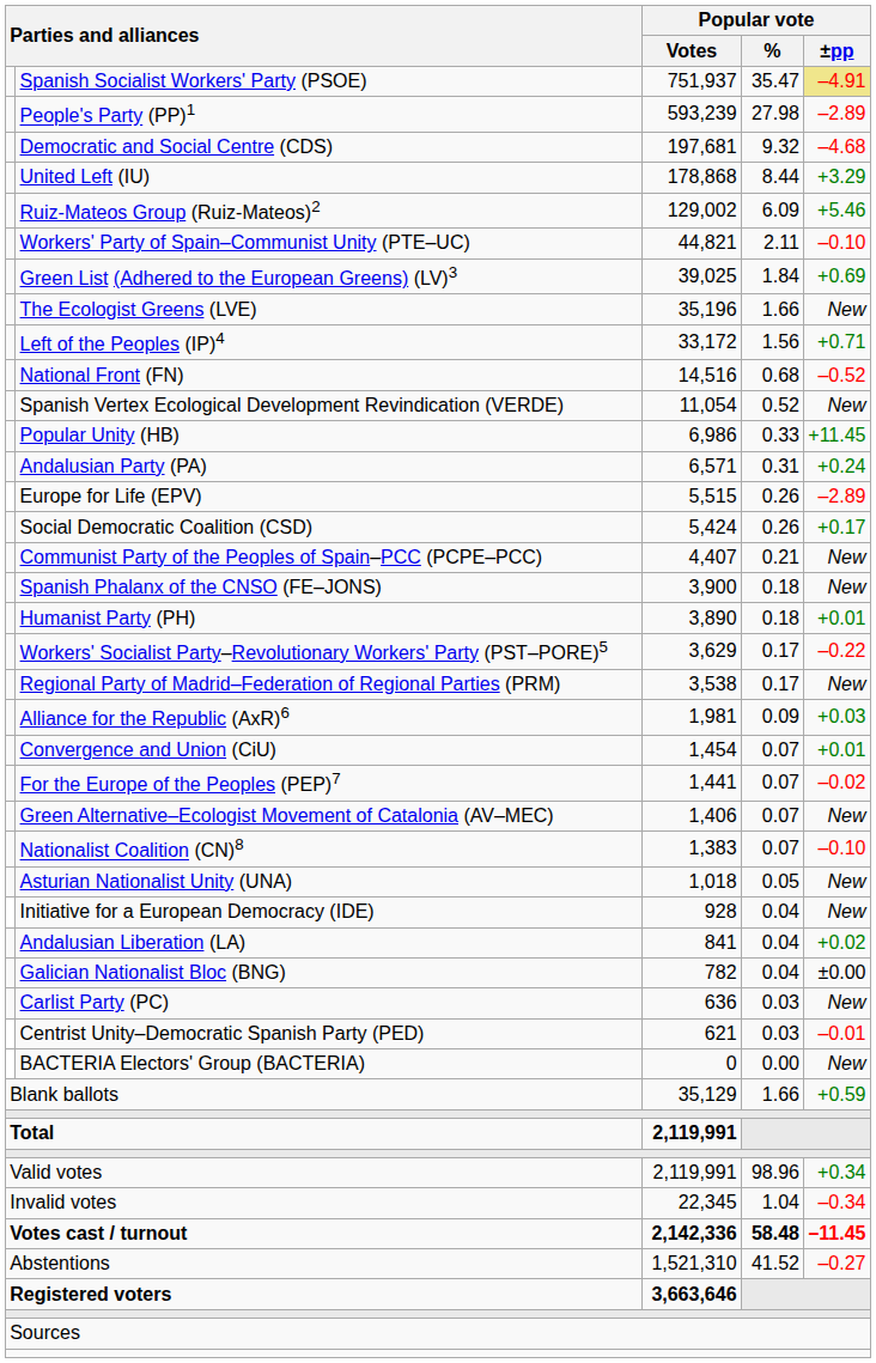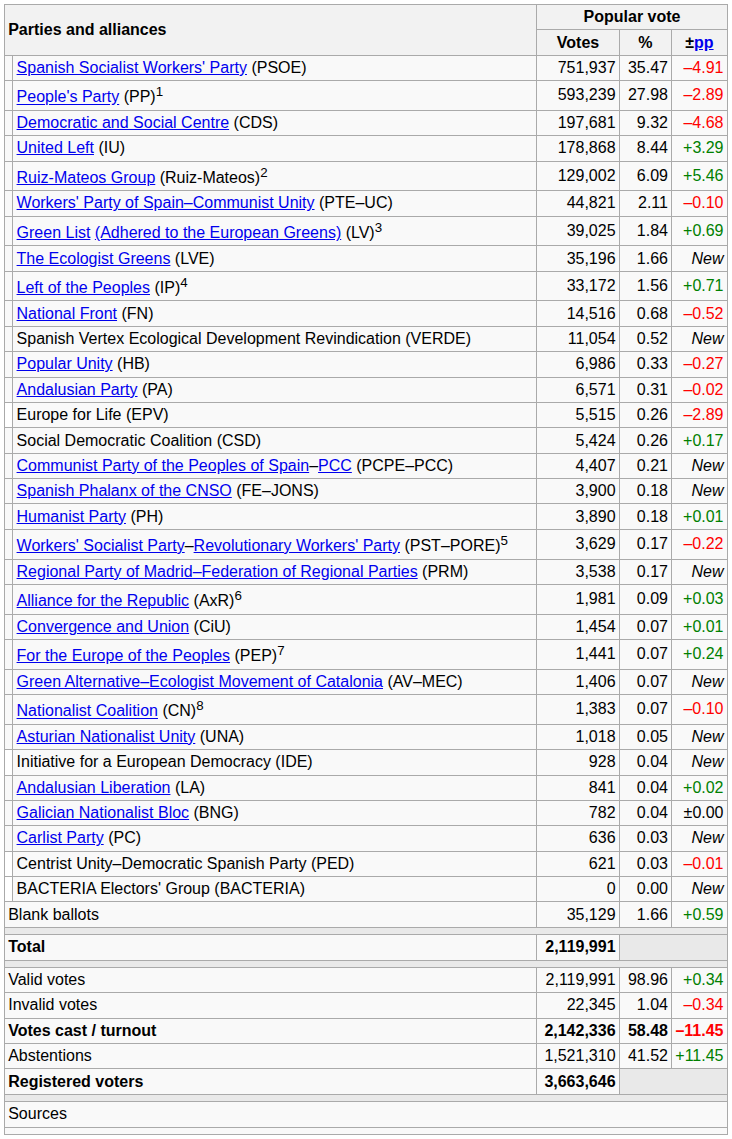 <table class="wikitable" style="text-align:right">
 <tr>
 <th style="text-align:left;" rowspan="2" colspan="2" width="525">Parties and alliances</th>
 <th colspan="3">Popular vote</th>
 </tr>
 <tr>
 <th width="75">Votes</th>
 <th width="45">%</th>
 <th width="45">±<a href='#'>pp</a></th>
 </tr>
 <tr>
 <td width="1" style="color:inherit;background:"></td>
 <td align="left"><a href='#'>Spanish Socialist Workers' Party</a> (PSOE)</td>
 <td>751,937</td>
 <td>35.47</td>
-<td style="background: khaki; color:red;">–4.91</td>
+<td style="color:red;">–4.91</td>
 </tr>
 <tr>
 <td style="color:inherit;background:"></td>
 <td align="left"><a href='#'>People's Party</a> (PP)<sup>1</sup></td>
 <td>593,239</td>
 <td>27.98</td>
 <td style="color:red;">–2.89</td>
 </tr>
 <tr>
 <td style="color:inherit;background:"></td>
 <td align="left"><a href='#'>Democratic and Social Centre</a> (CDS)</td>
 <td>197,681</td>
 <td>9.32</td>
 <td style="color:red;">–4.68</td>
 </tr>
 <tr>
 <td style="color:inherit;background:"></td>
 <td align="left"><a href='#'>United Left</a> (IU)</td>
 <td>178,868</td>
 <td>8.44</td>
 <td style="color:green;">+3.29</td>
 </tr>
 <tr>
 <td style="color:inherit;background:"></td>
 <td align="left"><a href='#'>Ruiz-Mateos Group</a> (Ruiz-Mateos)<sup>2</sup></td>
 <td>129,002</td>
 <td>6.09</td>
 <td style="color:green;">+5.46</td>
 </tr>
 <tr>
 <td style="color:inherit;background:"></td>
 <td align="left"><a href='#'>Workers' Party of Spain–Communist Unity</a> (PTE–UC)</td>
 <td>44,821</td>
 <td>2.11</td>
 <td style="color:red;">–0.10</td>
 </tr>
 <tr>
 <td style="color:inherit;background:"></td>
 <td align="left"><a href='#'>Green List</a> <a href='#'>(Adhered to the European Greens)</a> (LV)<sup>3</sup></td>
 <td>39,025</td>
 <td>1.84</td>
 <td style="color:green;">+0.69</td>
 </tr>
 <tr>
 <td style="color:inherit;background:"></td>
 <td align="left"><a href='#'>The Ecologist Greens</a> (LVE)</td>
 <td>35,196</td>
 <td>1.66</td>
 <td><em>New</em></td>
 </tr>
 <tr>
 <td style="color:inherit;background:"></td>
 <td align="left"><a href='#'>Left of the Peoples</a> (IP)<sup>4</sup></td>
 <td>33,172</td>
 <td>1.56</td>
 <td style="color:green;">+0.71</td>
 </tr>
 <tr>
 <td style="color:inherit;background:"></td>
 <td align="left"><a href='#'>National Front</a> (FN)</td>
 <td>14,516</td>
 <td>0.68</td>
 <td style="color:red;">–0.52</td>
 </tr>
 <tr>
 <td style="color:inherit;background:"></td>
 <td align="left">Spanish Vertex Ecological Development Revindication (VERDE)</td>
 <td>11,054</td>
 <td>0.52</td>
 <td><em>New</em></td>
 </tr>
 <tr>
 <td style="color:inherit;background:"></td>
 <td align="left"><a href='#'>Popular Unity</a> (HB)</td>
 <td>6,986</td>
 <td>0.33</td>
-<td style="color:green;">+11.45</td>
+<td style="color:red;">–0.27</td>
 </tr>
 <tr>
 <td style="color:inherit;background:"></td>
 <td align="left"><a href='#'>Andalusian Party</a> (PA)</td>
 <td>6,571</td>
 <td>0.31</td>
-<td style="color:green;">+0.24</td>
+<td style="color:red;">–0.02</td>
 </tr>
 <tr>
 <td bgcolor="white"></td>
 <td align="left">Europe for Life (EPV)</td>
 <td>5,515</td>
 <td>0.26</td>
 <td style="color:red;">–2.89</td>
 </tr>
 <tr>
 <td style="color:inherit;background:"></td>
 <td align="left">Social Democratic Coalition (CSD)</td>
 <td>5,424</td>
 <td>0.26</td>
 <td style="color:green;">+0.17</td>
 </tr>
 <tr>
 <td style="color:inherit;background:"></td>
 <td align="left"><a href='#'>Communist Party of the Peoples of Spain</a>–<a href='#'>PCC</a> (PCPE–PCC)</td>
 <td>4,407</td>
 <td>0.21</td>
 <td><em>New</em></td>
 </tr>
 <tr>
 <td style="color:inherit;background:"></td>
 <td align="left"><a href='#'>Spanish Phalanx of the CNSO</a> (FE–JONS)</td>
 <td>3,900</td>
 <td>0.18</td>
 <td><em>New</em></td>
 </tr>
 <tr>
 <td style="color:inherit;background:"></td>
 <td align="left"><a href='#'>Humanist Party</a> (PH)</td>
 <td>3,890</td>
 <td>0.18</td>
 <td style="color:green;">+0.01</td>
 </tr>
 <tr>
 <td style="color:inherit;background:"></td>
 <td align="left"><a href='#'>Workers' Socialist Party</a>–<a href='#'>Revolutionary Workers' Party</a> (PST–PORE)<sup>5</sup></td>
 <td>3,629</td>
 <td>0.17</td>
 <td style="color:red;">–0.22</td>
 </tr>
 <tr>
 <td style="color:inherit;background:"></td>
 <td align="left"><a href='#'>Regional Party of Madrid–Federation of Regional Parties</a> (PRM)</td>
 <td>3,538</td>
 <td>0.17</td>
 <td><em>New</em></td>
 </tr>
 <tr>
 <td style="color:inherit;background:"></td>
 <td align="left"><a href='#'>Alliance for the Republic</a> (AxR)<sup>6</sup></td>
 <td>1,981</td>
 <td>0.09</td>
 <td style="color:green;">+0.03</td>
 </tr>
 <tr>
 <td style="color:inherit;background:"></td>
 <td align="left"><a href='#'>Convergence and Union</a> (CiU)</td>
 <td>1,454</td>
 <td>0.07</td>
 <td style="color:green;">+0.01</td>
 </tr>
 <tr>
 <td style="color:inherit;background:"></td>
 <td align="left"><a href='#'>For the Europe of the Peoples</a> (PEP)<sup>7</sup></td>
 <td>1,441</td>
 <td>0.07</td>
-<td style="color:red;">–0.02</td>
+<td style="color:green;">+0.24</td>
 </tr>
 <tr>
 <td style="color:inherit;background:"></td>
 <td align="left"><a href='#'>Green Alternative–Ecologist Movement of Catalonia</a> (AV–MEC)</td>
 <td>1,406</td>
 <td>0.07</td>
 <td><em>New</em></td>
 </tr>
 <tr>
 <td style="color:inherit;background:"></td>
 <td align="left"><a href='#'>Nationalist Coalition</a> (CN)<sup>8</sup></td>
 <td>1,383</td>
 <td>0.07</td>
 <td style="color:red;">–0.10</td>
 </tr>
 <tr>
 <td style="color:inherit;background:"></td>
 <td align="left"><a href='#'>Asturian Nationalist Unity</a> (UNA)</td>
 <td>1,018</td>
 <td>0.05</td>
 <td><em>New</em></td>
 </tr>
 <tr>
 <td bgcolor="white"></td>
 <td align="left">Initiative for a European Democracy (IDE)</td>
 <td>928</td>
 <td>0.04</td>
 <td><em>New</em></td>
 </tr>
 <tr>
 <td style="color:inherit;background:"></td>
 <td align="left"><a href='#'>Andalusian Liberation</a> (LA)</td>
 <td>841</td>
 <td>0.04</td>
 <td style="color:green;">+0.02</td>
 </tr>
 <tr>
 <td style="color:inherit;background:"></td>
 <td align="left"><a href='#'>Galician Nationalist Bloc</a> (BNG)</td>
 <td>782</td>
 <td>0.04</td>
 <td>±0.00</td>
 </tr>
 <tr>
 <td style="color:inherit;background:"></td>
 <td align="left"><a href='#'>Carlist Party</a> (PC)</td>
 <td>636</td>
 <td>0.03</td>
 <td><em>New</em></td>
 </tr>
 <tr>
 <td bgcolor="white"></td>
 <td align="left">Centrist Unity–Democratic Spanish Party (PED)</td>
 <td>621</td>
 <td>0.03</td>
 <td style="color:red;">–0.01</td>
 </tr>
 <tr>
 <td bgcolor="white"></td>
 <td align="left">BACTERIA Electors' Group (BACTERIA)</td>
 <td>0</td>
 <td>0.00</td>
 <td><em>New</em></td>
 </tr>
 <tr>
 <td align="left" colspan="2">Blank ballots</td>
 <td>35,129</td>
 <td>1.66</td>
 <td style="color:green;">+0.59</td>
 </tr>
 <tr>
 <td colspan="5" bgcolor="#E9E9E9"></td>
 </tr>
 <tr style="font-weight:bold;">
 <td align="left" colspan="2">Total</td>
 <td>2,119,991</td>
 <td bgcolor="#E9E9E9" colspan="2"></td>
 </tr>
 <tr>
 <td colspan="5" bgcolor="#E9E9E9"></td>
 </tr>
 <tr>
 <td align="left" colspan="2">Valid votes</td>
 <td>2,119,991</td>
 <td>98.96</td>
 <td style="color:green;">+0.34</td>
 </tr>
 <tr>
 <td align="left" colspan="2">Invalid votes</td>
 <td>22,345</td>
 <td>1.04</td>
 <td style="color:red;">–0.34</td>
 </tr>
 <tr style="font-weight:bold;">
 <td align="left" colspan="2">Votes cast / turnout</td>
 <td>2,142,336</td>
 <td>58.48</td>
 <td style="color:red;">–11.45</td>
 </tr>
 <tr>
 <td align="left" colspan="2">Abstentions</td>
 <td>1,521,310</td>
 <td>41.52</td>
-<td style="color:red;">–0.27</td>
+<td style="color:green;">+11.45</td>
 </tr>
 <tr style="font-weight:bold;">
 <td align="left" colspan="2">Registered voters</td>
 <td>3,663,646</td>
 <td bgcolor="#E9E9E9" colspan="2"></td>
 </tr>
 <tr>
 <td colspan="5" bgcolor="#E9E9E9"></td>
 </tr>
 <tr>
 <td align="left" colspan="5">Sources</td>
 </tr>
 <tr>
 <td colspan="5" style="text-align:left; max-width:680px;"></td>
 </tr>
 </table>
